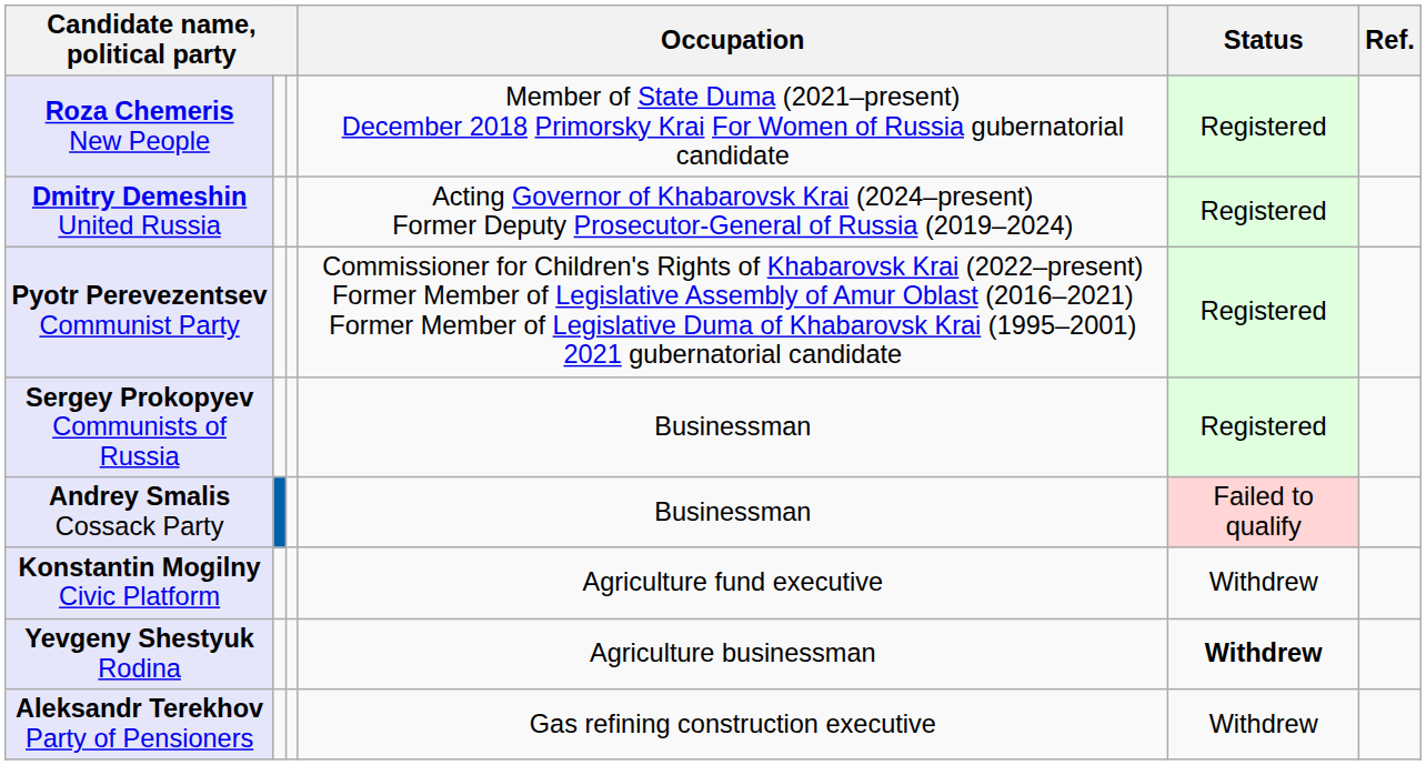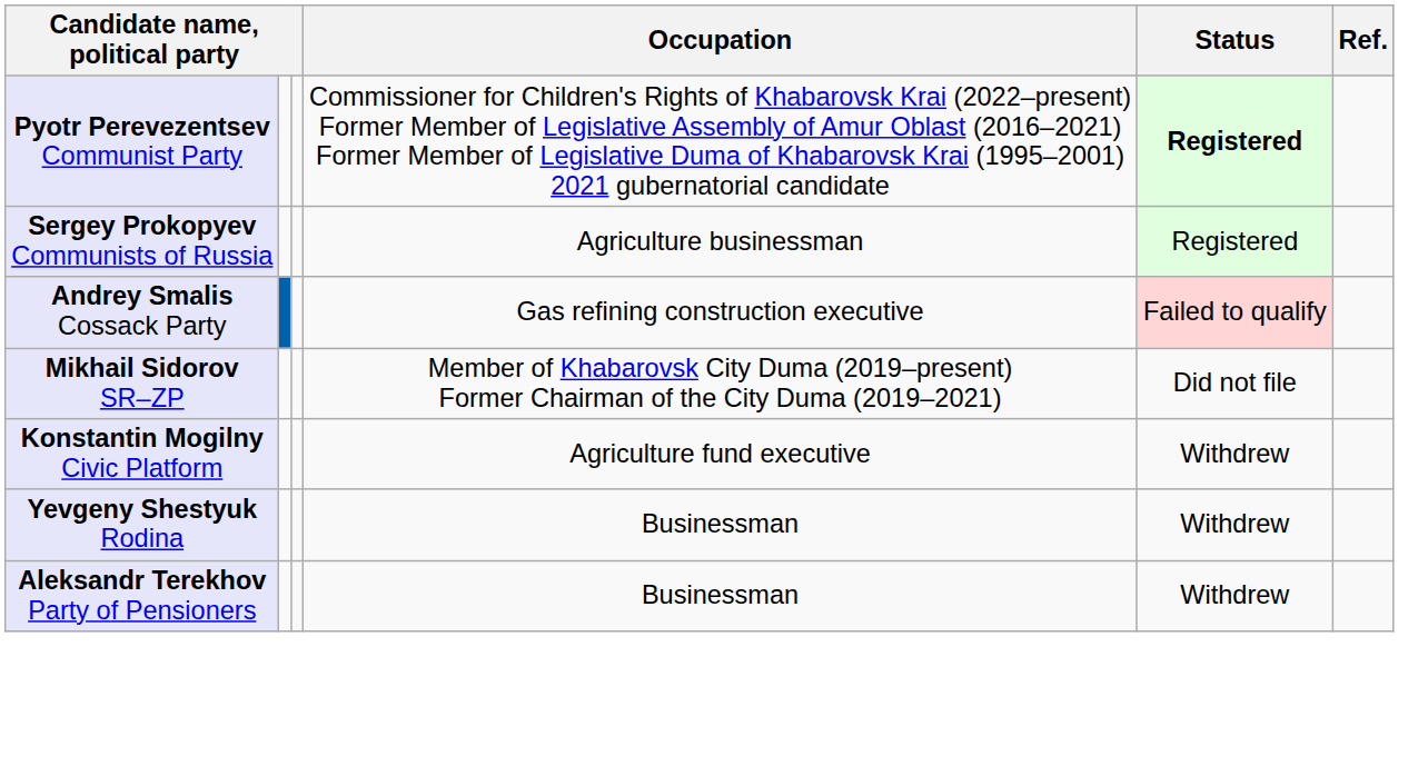 <table class="wikitable" style="text-align:center;">
 <tr>
 <th colspan="3">Candidate name,<br>political party</th>
 <th>Occupation</th>
 <th>Status</th>
 <th>Ref.</th>
 </tr>
 <tr>
-<td style="background:lavender;"><strong><a href='#'>Roza Chemeris</a></strong><br><a href='#'>New People</a></td>
-<td style="background-color:"></td>
-<td></td>
-<td>Member of <a href='#'>State Duma</a> (2021–present)<br><a href='#'>December 2018</a> <a href='#'>Primorsky Krai</a> <a href='#'>For Women of Russia</a> gubernatorial candidate</td>
-<td bgcolor="#DFFFDF">Registered</td>
-<td><br></td>
-</tr>
-<tr>
-<td style="background:lavender;"><strong><a href='#'>Dmitry Demeshin</a></strong><br><a href='#'>United Russia</a></td>
-<td style="background-color:"></td>
-<td></td>
-<td>Acting <a href='#'>Governor of Khabarovsk Krai</a> (2024–present)<br>Former Deputy <a href='#'>Prosecutor-General of Russia</a> (2019–2024)</td>
-<td bgcolor="#DFFFDF">Registered</td>
-<td></td>
-</tr>
-<tr>
 <td style="background:lavender;"><strong>Pyotr Perevezentsev</strong><br><a href='#'>Communist Party</a></td>
 <td style="background-color:"></td>
 <td></td>
 <td>Commissioner for Children's Rights of <a href='#'>Khabarovsk Krai</a> (2022–present)<br>Former Member of <a href='#'>Legislative Assembly of Amur Oblast</a> (2016–2021)<br>Former Member of <a href='#'>Legislative Duma of Khabarovsk Krai</a> (1995–2001)<br><a href='#'>2021</a> gubernatorial candidate</td>
-<td bgcolor="#DFFFDF">Registered</td>
+<td bgcolor="#DFFFDF"><strong>Registered</strong></td>
 <td></td>
 </tr>
 <tr>
 <td style="background:lavender;"><strong>Sergey Prokopyev</strong><br><a href='#'>Communists of Russia</a></td>
 <td style="background-color:"></td>
 <td></td>
-<td>Businessman</td>
+<td>Agriculture businessman</td>
 <td bgcolor="#DFFFDF">Registered</td>
 <td></td>
 </tr>
 <tr>
 <td style="background:lavender;"><strong>Andrey Smalis</strong><br>Cossack Party</td>
 <td style="background-color:#0061AC;"></td>
 <td></td>
-<td>Businessman</td>
+<td>Gas refining construction executive</td>
 <td bgcolor="#FFD5D5">Failed to qualify</td>
+<td></td>
+</tr>
+<tr>
+<td style="background:lavender;"><strong>Mikhail Sidorov</strong><br><a href='#'>SR–ZP</a></td>
+<td style="background-color:"></td>
+<td></td>
+<td>Member of <a href='#'>Khabarovsk</a> City Duma (2019–present)<br>Former Chairman of the City Duma (2019–2021)</td>
+<td>Did not file</td>
 <td></td>
 </tr>
 <tr>
 <td style="background:lavender;"><strong>Konstantin Mogilny</strong><br><a href='#'>Civic Platform</a></td>
 <td style="background-color:"></td>
 <td></td>
 <td>Agriculture fund executive</td>
 <td>Withdrew</td>
 <td></td>
 </tr>
 <tr>
 <td style="background:lavender;"><strong>Yevgeny Shestyuk</strong><br><a href='#'>Rodina</a></td>
 <td style="background-color:"></td>
 <td></td>
-<td>Agriculture businessman</td>
-<td><strong>Withdrew</strong></td>
+<td>Businessman</td>
+<td>Withdrew</td>
 <td></td>
 </tr>
 <tr>
 <td style="background:lavender;"><strong>Aleksandr Terekhov</strong><br><a href='#'>Party of Pensioners</a></td>
 <td style="background-color:"></td>
 <td></td>
-<td>Gas refining construction executive</td>
+<td>Businessman</td>
 <td>Withdrew</td>
 <td></td>
 </tr>
 </table>
